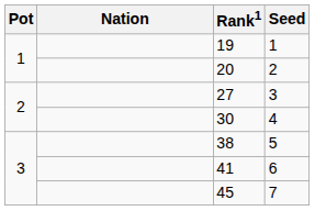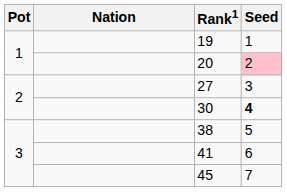 <table class="wikitable">
 <tr>
 <th>Pot</th>
 <th width="175">Nation</th>
 <th>Rank<sup>1</sup></th>
 <th>Seed</th>
 </tr>
 <tr>
 <td rowspan=2 style="text-align:center;">1</td>
 <td></td>
 <td>19</td>
 <td>1</td>
 </tr>
 <tr>
 <td></td>
 <td>20</td>
-<td>2</td>
+<td style="background: pink;">2</td>
 </tr>
 <tr>
 <td rowspan=2 style="text-align:center;">2</td>
 <td></td>
 <td>27</td>
 <td>3</td>
 </tr>
 <tr>
 <td></td>
 <td>30</td>
-<td>4</td>
+<td><strong>4</strong></td>
 </tr>
 <tr>
 <td rowspan=3 style="text-align:center;">3</td>
 <td></td>
 <td>38</td>
 <td>5</td>
 </tr>
 <tr>
 <td></td>
 <td>41</td>
 <td>6</td>
 </tr>
 <tr>
 <td></td>
 <td>45</td>
 <td>7</td>
 </tr>
 </table>
